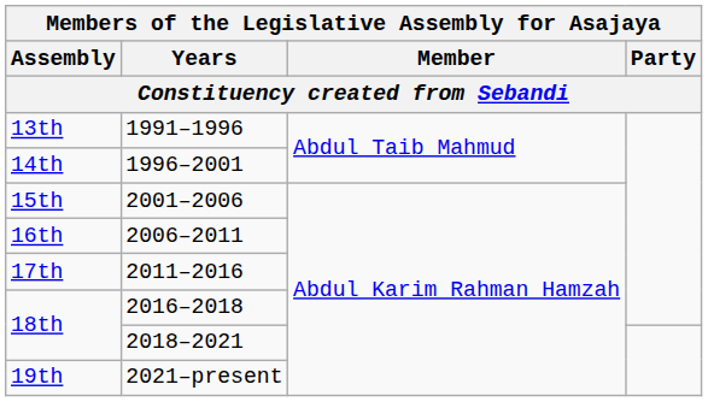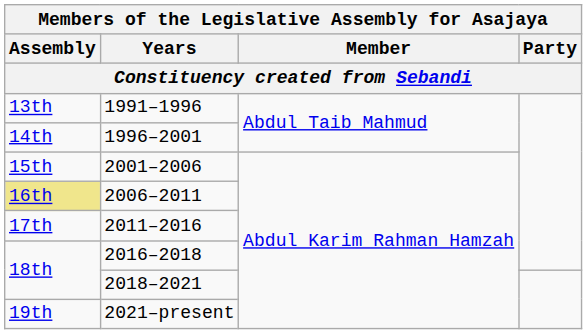 <table class=wikitable>
 <tr>
 <th colspan="4">Members of the Legislative Assembly for Asajaya</th>
 </tr>
 <tr>
 <th>Assembly</th>
 <th>Years</th>
 <th>Member</th>
 <th>Party</th>
 </tr>
 <tr>
 <th colspan=4 align=center><em>Constituency created from <a href='#'>Sebandi</a></em></th>
 </tr>
 <tr>
 <td><a href='#'>13th</a></td>
 <td>1991–1996</td>
 <td rowspan=2><a href='#'>Abdul Taib Mahmud</a></td>
 <td rowspan=6 bgcolor=></td>
 </tr>
 <tr>
 <td><a href='#'>14th</a></td>
 <td>1996–2001</td>
 </tr>
 <tr>
 <td><a href='#'>15th</a></td>
 <td>2001–2006</td>
 <td rowspan="6"><a href='#'>Abdul Karim Rahman Hamzah</a></td>
 </tr>
 <tr>
-<td><a href='#'>16th</a></td>
+<td style="background: khaki;"><a href='#'>16th</a></td>
 <td>2006–2011</td>
 </tr>
 <tr>
 <td><a href='#'>17th</a></td>
 <td>2011–2016</td>
 </tr>
 <tr>
 <td rowspan=2><a href='#'>18th</a></td>
 <td>2016–2018</td>
 </tr>
 <tr>
 <td>2018–2021</td>
 <td rowspan="2" bgcolor=></td>
 </tr>
 <tr>
 <td><a href='#'>19th</a></td>
 <td>2021–present</td>
 </tr>
 </table>
